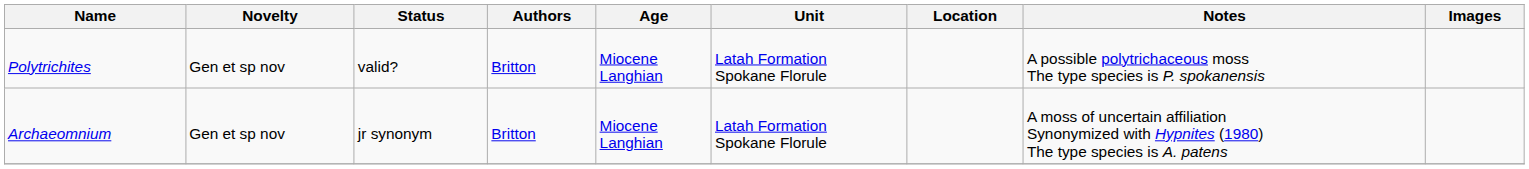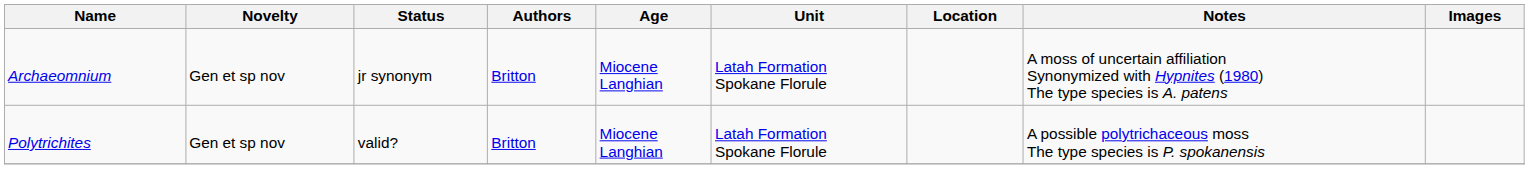 <table class="wikitable sortable" align="center" width="100%">
 <tr>
 <th>Name</th>
 <th>Novelty</th>
 <th>Status</th>
 <th>Authors</th>
 <th>Age</th>
 <th>Unit</th>
 <th>Location</th>
 <th>Notes</th>
 <th>Images</th>
 </tr>
 <tr>
+<td><br><em><a href='#'>Archaeomnium</a></em></td>
+<td><br>Gen et sp nov</td>
+<td><br>jr synonym</td>
+<td><br><a href='#'>Britton</a></td>
+<td><br><a href='#'>Miocene</a><br><a href='#'>Langhian</a></td>
+<td><br><a href='#'>Latah Formation</a><br>Spokane Florule</td>
+<td><br><br></td>
+<td><br>A moss of uncertain affiliation<br>Synonymized with <em><a href='#'>Hypnites</a></em> (<a href='#'>1980</a>)<br>The type species is <em>A. patens</em></td>
+<td><br></td>
+</tr>
+<tr>
 <td><br><em><a href='#'>Polytrichites</a></em></td>
 <td><br>Gen et sp nov</td>
 <td><br>valid?</td>
 <td><br><a href='#'>Britton</a></td>
 <td><br><a href='#'>Miocene</a><br><a href='#'>Langhian</a></td>
 <td><br><a href='#'>Latah Formation</a><br>Spokane Florule</td>
 <td><br><br></td>
 <td><br>A possible <a href='#'>polytrichaceous</a> moss<br>The type species is <em>P. spokanensis</em></td>
 <td><br></td>
 </tr>
 <tr>
-<td><br><em><a href='#'>Archaeomnium</a></em></td>
-<td><br>Gen et sp nov</td>
-<td><br>jr synonym</td>
-<td><br><a href='#'>Britton</a></td>
-<td><br><a href='#'>Miocene</a><br><a href='#'>Langhian</a></td>
-<td><br><a href='#'>Latah Formation</a><br>Spokane Florule</td>
-<td><br><br></td>
-<td><br>A moss of uncertain affiliation<br>Synonymized with <em><a href='#'>Hypnites</a></em> (<a href='#'>1980</a>)<br>The type species is <em>A. patens</em></td>
-<td><br></td>
-</tr>
-<tr>
 </tr>
 </table>
